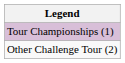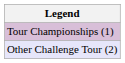 <table class="wikitable" style="font-size:95%;">
 <tr>
 <th>Legend</th>
 </tr>
 <tr style="background:thistle;">
 <td>Tour Championships (1)</td>
 </tr>
 <tr>
-<td>Other Challenge Tour (2)</td>
+<td style="background: lavender;">Other Challenge Tour (2)</td>
 </tr>
 </table>
